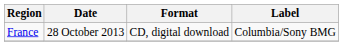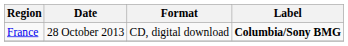 <table class=wikitable>
 <tr>
 <th>Region</th>
 <th>Date</th>
 <th>Format</th>
 <th>Label</th>
 </tr>
 <tr>
 <td><a href='#'>France</a></td>
 <td>28 October 2013</td>
 <td>CD, digital download</td>
-<td>Columbia/Sony BMG</td>
+<td><strong>Columbia/Sony BMG</strong></td>
 </tr>
 <tr>
 </tr>
 </table>
